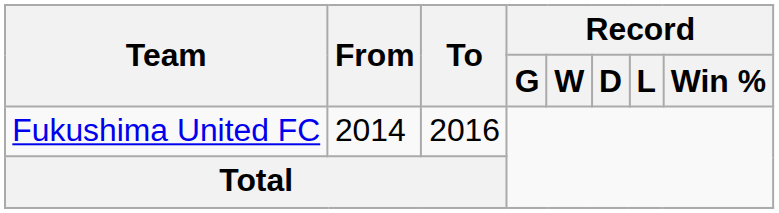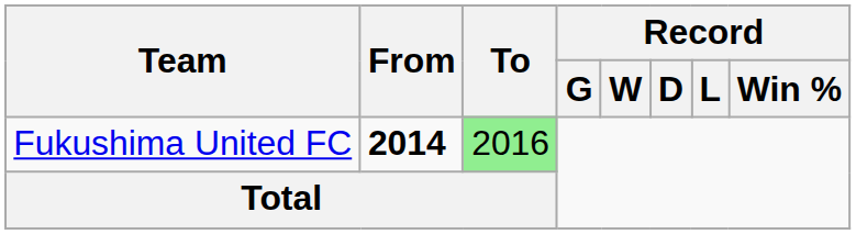 <table class="wikitable" style="text-align: center">
 <tr>
 <th rowspan="2">Team</th>
 <th rowspan="2">From</th>
 <th rowspan="2">To</th>
 <th colspan="5">Record</th>
 </tr>
 <tr>
 <th>G</th>
 <th>W</th>
 <th>D</th>
 <th>L</th>
 <th>Win %</th>
 </tr>
 <tr>
 <td align="left"><a href='#'>Fukushima United FC</a></td>
-<td align="left">2014</td>
-<td align="left">2016<br></td>
+<td align="left"><strong>2014</strong></td>
+<td align="left" style="background: lightgreen;">2016<br></td>
 </tr>
 <tr>
 <th colspan="3">Total<br></th>
 </tr>
 </table>
